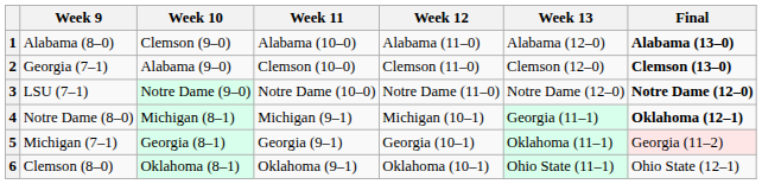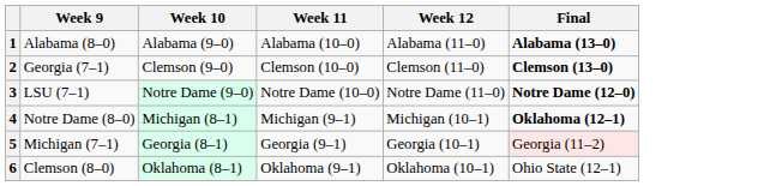 <table class="wikitable" style="font-size:90%">
 <tr>
 <th></th>
 <th>Week 9</th>
 <th>Week 10</th>
 <th>Week 11</th>
 <th>Week 12</th>
-<th>Week 13</th>
 <th>Final</th>
 </tr>
 <tr>
 <th>1</th>
 <td>Alabama (8–0)</td>
-<td>Clemson (9–0)</td>
+<td>Alabama (9–0)</td>
 <td>Alabama (10–0)</td>
 <td>Alabama (11–0)</td>
-<td>Alabama (12–0)</td>
 <td style="background:#"><strong>Alabama (13–0)</strong></td>
 </tr>
 <tr>
 <th>2</th>
 <td>Georgia (7–1)</td>
-<td>Alabama (9–0)</td>
+<td>Clemson (9–0)</td>
 <td>Clemson (10–0)</td>
 <td>Clemson (11–0)</td>
-<td>Clemson (12–0)</td>
 <td style="background:#"><strong>Clemson (13–0)</strong></td>
 </tr>
 <tr>
 <th>3</th>
 <td>LSU (7–1)</td>
 <td style="background:#d8ffeb">Notre Dame (9–0)</td>
 <td>Notre Dame (10–0)</td>
 <td>Notre Dame (11–0)</td>
-<td>Notre Dame (12–0)</td>
 <td style="background:#"><strong>Notre Dame (12–0)</strong></td>
 </tr>
 <tr>
 <th>4</th>
 <td>Notre Dame (8–0)</td>
 <td style="background:#d8ffeb">Michigan (8–1)</td>
 <td>Michigan (9–1)</td>
 <td>Michigan (10–1)</td>
-<td style="background:#d8ffeb">Georgia (11–1)</td>
 <td style="background:#"><strong>Oklahoma (12–1)</strong></td>
 </tr>
 <tr>
 <th>5</th>
 <td>Michigan (7–1)</td>
 <td style="background:#d8ffeb">Georgia (8–1)</td>
 <td>Georgia (9–1)</td>
 <td>Georgia (10–1)</td>
-<td style="background:#d8ffeb">Oklahoma (11–1)</td>
 <td style="background:#ffe6e6">Georgia (11–2)</td>
 </tr>
 <tr>
 <th>6</th>
 <td>Clemson (8–0)</td>
 <td style="background:#d8ffeb">Oklahoma (8–1)</td>
 <td>Oklahoma (9–1)</td>
 <td>Oklahoma (10–1)</td>
-<td style="background:#d8ffeb">Ohio State (11–1)</td>
 <td>Ohio State (12–1)</td>
 </tr>
 </table>
